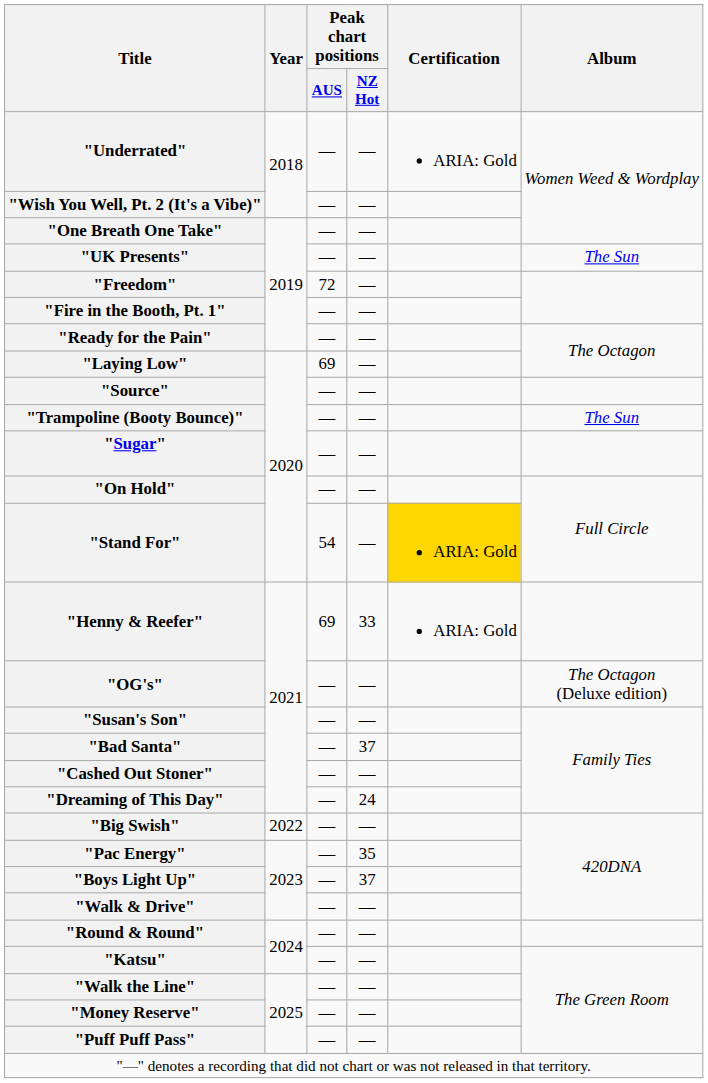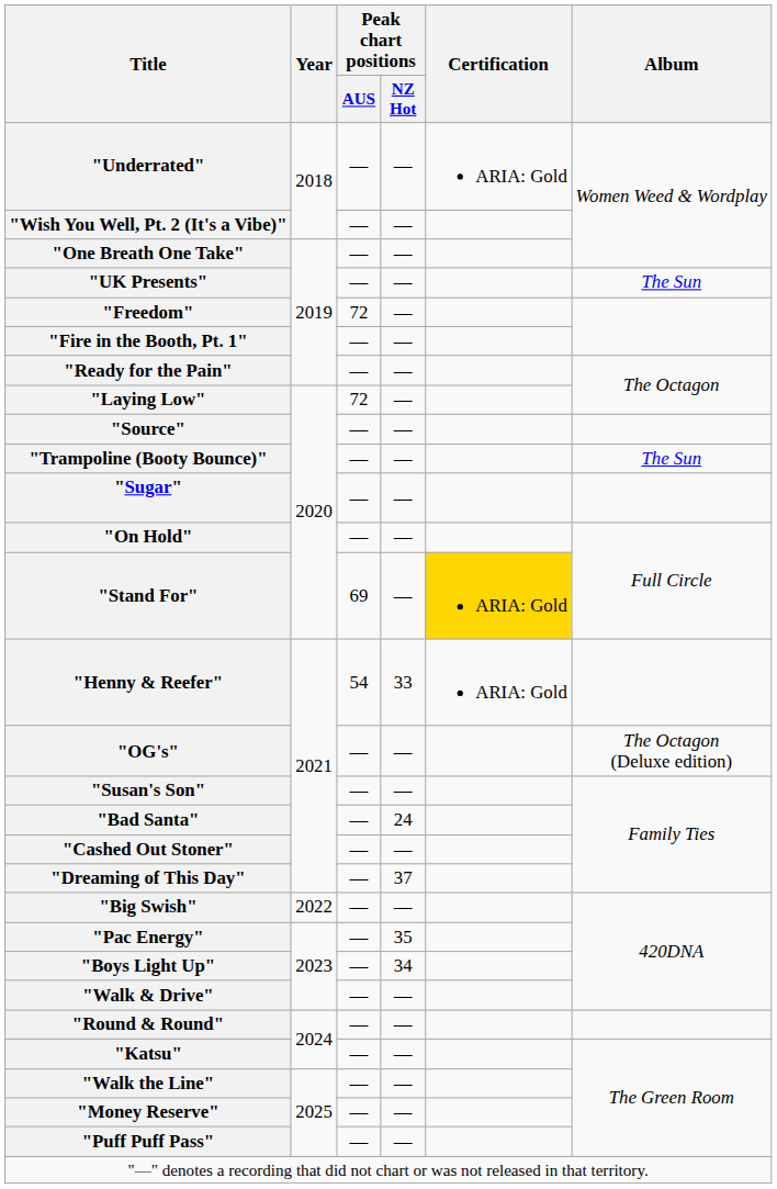 <table class="wikitable plainrowheaders" style="text-align:center;">
 <tr>
 <th scope="col" rowspan="2">Title</th>
 <th scope="col" rowspan="2">Year</th>
 <th scope="col" colspan="2">Peak chart positions</th>
 <th scope="col" rowspan="2">Certification</th>
 <th scope="col" rowspan="2">Album</th>
 </tr>
 <tr>
 <th scope="col" style="width:2.2em;font-size:90%;"><a href='#'>AUS</a><br></th>
 <th scope="col" style="width:2.2em;font-size:90%;"><a href='#'>NZ<br>Hot</a><br></th>
 </tr>
 <tr>
 <th scope="row">"Underrated"<br></th>
 <td rowspan="2">2018</td>
 <td>—</td>
 <td>—</td>
 <td><br><ul><li>ARIA: Gold</li></ul></td>
 <td rowspan="3"><em>Women Weed & Wordplay</em></td>
 </tr>
 <tr>
 <th scope="row">"Wish You Well, Pt. 2 (It's a Vibe)"</th>
 <td>—</td>
 <td>—</td>
 <td></td>
 </tr>
 <tr>
 <th scope="row">"One Breath One Take"</th>
 <td rowspan="5">2019</td>
 <td>—</td>
 <td>—</td>
 <td></td>
 </tr>
 <tr>
 <th scope="row">"UK Presents"<br></th>
 <td>—</td>
 <td>—</td>
 <td></td>
 <td><em><a href='#'>The Sun</a></em></td>
 </tr>
 <tr>
 <th scope="row">"Freedom"</th>
 <td>72</td>
 <td>—</td>
 <td></td>
 </tr>
 <tr>
 <th scope="row">"Fire in the Booth, Pt. 1"<br></th>
 <td>—</td>
 <td>—</td>
 <td></td>
 </tr>
 <tr>
 <th scope="row">"Ready for the Pain"</th>
 <td>—</td>
 <td>—</td>
 <td></td>
 <td rowspan="2"><em>The Octagon</em></td>
 </tr>
 <tr>
 <th scope="row">"Laying Low"<br></th>
 <td rowspan="6">2020</td>
-<td>69</td>
+<td>72</td>
 <td>—</td>
 <td></td>
 </tr>
 <tr>
 <th scope="row">"Source"</th>
 <td>—</td>
 <td>—</td>
 <td></td>
 <td></td>
 </tr>
 <tr>
 <th scope="row">"Trampoline (Booty Bounce)"</th>
 <td>—</td>
 <td>—</td>
 <td></td>
 <td><em><a href='#'>The Sun</a></em></td>
 </tr>
 <tr>
 <th scope="row">"<a href='#'>Sugar</a>"<br><br></th>
 <td>—</td>
 <td>—</td>
 <td></td>
 <td></td>
 </tr>
 <tr>
 <th scope="row">"On Hold"</th>
 <td>—</td>
 <td>—</td>
 <td></td>
 <td rowspan="2"><em>Full Circle</em></td>
 </tr>
 <tr>
 <th scope="row">"Stand For"<br></th>
-<td>54</td>
+<td>69</td>
 <td>—</td>
 <td style="background: gold;"><br><ul><li>ARIA: Gold</li></ul></td>
 </tr>
 <tr>
 <th scope="row">"Henny & Reefer"</th>
 <td rowspan="6">2021</td>
-<td>69</td>
+<td>54</td>
 <td>33</td>
 <td><br><ul><li>ARIA: Gold</li></ul></td>
 <td></td>
 </tr>
 <tr>
 <th scope="row">"OG's"<br></th>
 <td>—</td>
 <td>—</td>
 <td></td>
 <td><em>The Octagon</em><br>(Deluxe edition)</td>
 </tr>
 <tr>
 <th scope="row">"Susan's Son"</th>
 <td>—</td>
 <td>—</td>
 <td></td>
 <td rowspan="4"><em>Family Ties</em></td>
 </tr>
 <tr>
 <th scope="row">"Bad Santa"</th>
 <td>—</td>
-<td>37</td>
+<td>24</td>
 <td></td>
 </tr>
 <tr>
 <th scope="row">"Cashed Out Stoner"<br></th>
 <td>—</td>
 <td>—</td>
 <td></td>
 </tr>
 <tr>
 <th scope="row">"Dreaming of This Day"</th>
 <td>—</td>
-<td>24</td>
+<td>37</td>
 <td></td>
 </tr>
 <tr>
 <th scope="row">"Big Swish"</th>
 <td>2022</td>
 <td>—</td>
 <td>—</td>
 <td></td>
 <td rowspan="4"><em>420DNA</em></td>
 </tr>
 <tr>
 <th scope="row">"Pac Energy"</th>
 <td rowspan="3">2023</td>
 <td>—</td>
 <td>35</td>
 <td></td>
 </tr>
 <tr>
 <th scope="row">"Boys Light Up"</th>
 <td>—</td>
-<td>37</td>
+<td>34</td>
 <td></td>
 </tr>
 <tr>
 <th scope="row">"Walk & Drive"<br></th>
 <td>—</td>
 <td>—</td>
 <td></td>
 </tr>
 <tr>
 <th scope="row">"Round & Round"<br></th>
 <td rowspan="2">2024</td>
 <td>—</td>
 <td>—</td>
 <td></td>
 <td></td>
 </tr>
 <tr>
 <th scope="row">"Katsu" <br></th>
 <td>—</td>
 <td>—</td>
 <td></td>
 <td rowspan="4"><em>The Green Room</em></td>
 </tr>
 <tr>
 <th scope="row">"Walk the Line"</th>
 <td rowspan="3">2025</td>
 <td>—</td>
 <td>—</td>
 <td></td>
 </tr>
 <tr>
 <th scope="row">"Money Reserve"</th>
 <td>—</td>
 <td>—</td>
 <td></td>
 </tr>
 <tr>
 <th scope="row">"Puff Puff Pass"</th>
 <td>—</td>
 <td>—</td>
 <td></td>
 </tr>
 <tr>
 <td colspan="15" style="font-size:90%">"—" denotes a recording that did not chart or was not released in that territory.</td>
 </tr>
 </table>
